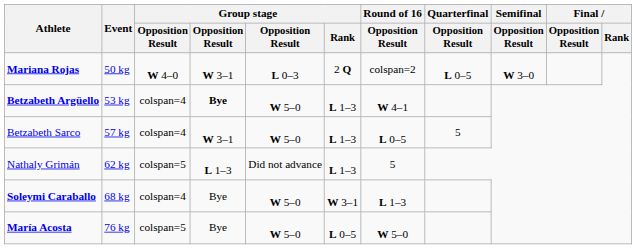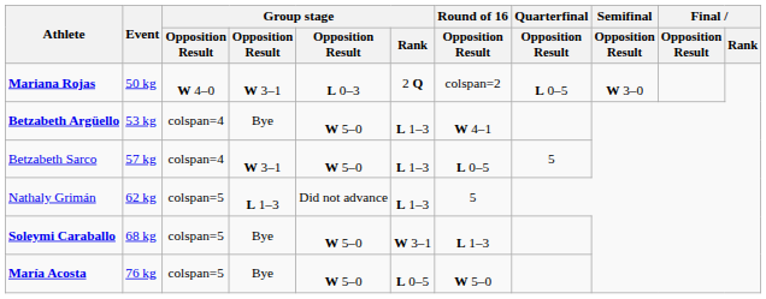 <table class=wikitable style=font-size:90%;text-align:center>
 <tr>
 <th rowspan=2>Athlete</th>
 <th rowspan=2>Event</th>
 <th colspan=4>Group stage</th>
 <th>Round of 16</th>
 <th>Quarterfinal</th>
 <th>Semifinal</th>
 <th colspan=2>Final / </th>
 </tr>
 <tr style=font-size:95%>
 <th>Opposition<br>Result</th>
 <th>Opposition<br>Result</th>
 <th>Opposition<br>Result</th>
 <th>Rank</th>
 <th>Opposition<br>Result</th>
 <th>Opposition<br>Result</th>
 <th>Opposition<br>Result</th>
 <th>Opposition<br>Result</th>
 <th>Rank</th>
 </tr>
 <tr>
 <td align=left><strong><a href='#'>Mariana Rojas</a></strong></td>
 <td align=left><a href='#'>50 kg</a></td>
 <td><br><strong>W</strong> 4–0 </td>
 <td><br><strong>W</strong> 3–1 </td>
 <td><br><strong>L</strong> 0–3 </td>
 <td>2 <strong>Q</strong></td>
 <td>colspan=2 </td>
 <td><br><strong>L</strong> 0–5 </td>
 <td><br><strong>W</strong> 3–0 </td>
 <td></td>
 </tr>
 <tr>
 <td align=left><strong><a href='#'>Betzabeth Argüello</a></strong></td>
 <td align=left><a href='#'>53 kg</a></td>
 <td>colspan=4 </td>
-<td><strong>Bye</strong></td>
+<td>Bye</td>
 <td><br><strong>W</strong> 5–0 </td>
 <td><br><strong>L</strong> 1–3 </td>
 <td><br><strong>W</strong> 4–1 </td>
 <td></td>
 </tr>
 <tr>
 <td align=left><a href='#'>Betzabeth Sarco</a></td>
 <td align=left><a href='#'>57 kg</a></td>
 <td>colspan=4 </td>
 <td><br><strong>W</strong> 3–1 </td>
 <td><br><strong>W</strong> 5–0 </td>
 <td><br><strong>L</strong> 1–3 </td>
 <td><br><strong>L</strong> 0–5 </td>
 <td>5</td>
 </tr>
 <tr>
 <td align=left><a href='#'>Nathaly Grimán</a></td>
 <td align=left><a href='#'>62 kg</a></td>
 <td>colspan=5 </td>
 <td><br><strong>L</strong> 1–3 </td>
 <td>Did not advance</td>
 <td><br><strong>L</strong> 1–3 </td>
 <td>5</td>
 </tr>
 <tr>
 <td align=left><strong><a href='#'>Soleymi Caraballo</a></strong></td>
 <td align=left><a href='#'>68 kg</a></td>
-<td>colspan=4 </td>
+<td>colspan=5 </td>
 <td>Bye</td>
 <td><br><strong>W</strong> 5–0 </td>
 <td><br><strong>W</strong> 3–1 </td>
 <td><br><strong>L</strong> 1–3 </td>
 <td></td>
 </tr>
 <tr>
 <td align=left><strong><a href='#'>María Acosta</a></strong></td>
 <td align=left><a href='#'>76 kg</a></td>
 <td>colspan=5 </td>
 <td>Bye</td>
 <td><br><strong>W</strong> 5–0 </td>
 <td><br><strong>L</strong> 0–5 </td>
 <td><br><strong>W</strong> 5–0 </td>
 <td></td>
 </tr>
 </table>
